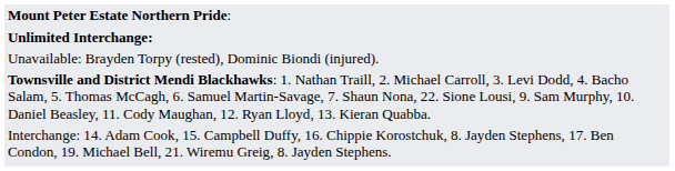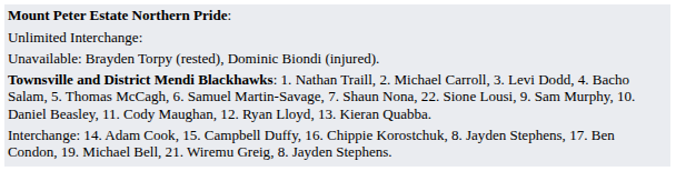 <table style="background:#eaecf0; font-size:85%; width:100%;">
 <tr>
 <td><strong>Mount Peter Estate Northern Pride</strong>:             </td>
 </tr>
 <tr>
-<td><strong>Unlimited Interchange:       </strong></td>
+<td>Unlimited Interchange:       </td>
 </tr>
 <tr>
 <td>Unavailable: Brayden Torpy (rested), Dominic Biondi (injured).</td>
 </tr>
 <tr>
 <td><strong>Townsville and District Mendi Blackhawks</strong>: 1. Nathan Traill, 2. Michael Carroll, 3. Levi Dodd, 4. Bacho Salam, 5. Thomas McCagh, 6. Samuel Martin-Savage, 7. Shaun Nona, 22. Sione Lousi, 9. Sam Murphy, 10. Daniel Beasley, 11. Cody Maughan, 12. Ryan Lloyd, 13. Kieran Quabba.</td>
 </tr>
 <tr>
 <td>Interchange: 14. Adam Cook, 15. Campbell Duffy, 16. Chippie Korostchuk, 8. Jayden Stephens, 17. Ben Condon, 19. Michael Bell, 21. Wiremu Greig, 8. Jayden Stephens.</td>
 </tr>
 <tr>
 </tr>
 </table>
